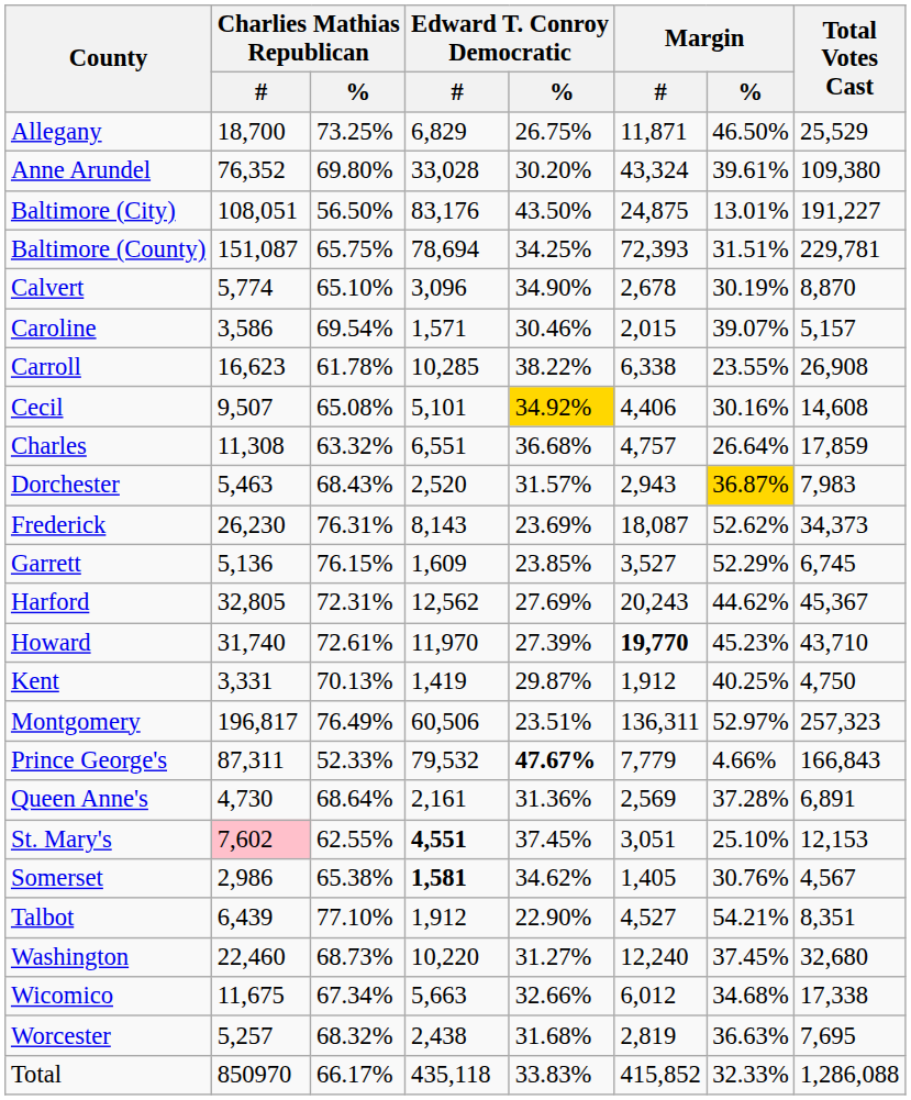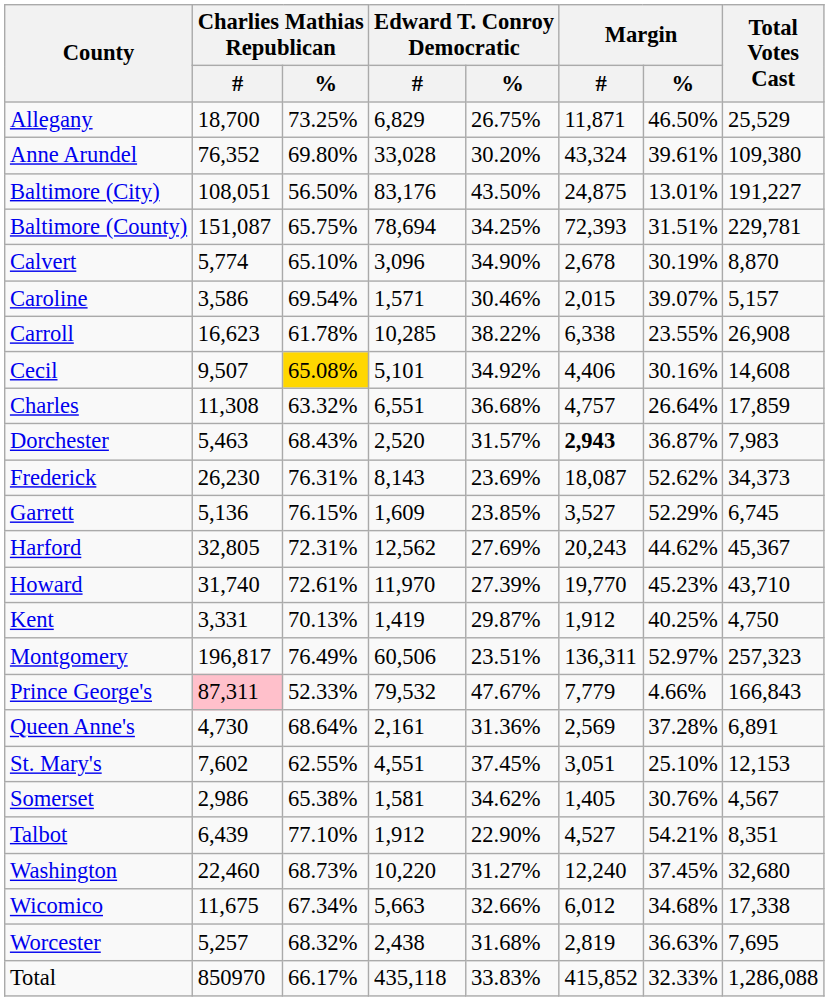 <table class="wikitable sortable">
 <tr>
 <th rowspan="2">County</th>
 <th colspan="2" >Charlies Mathias<br>Republican</th>
 <th colspan="2" >Edward T. Conroy<br>Democratic</th>
 <th colspan="2">Margin</th>
 <th rowspan="2">Total<br>Votes<br>Cast</th>
 </tr>
 <tr>
 <th>#</th>
 <th>%</th>
 <th>#</th>
 <th>%</th>
 <th>#</th>
 <th>%</th>
 </tr>
 <tr>
 <td><a href='#'>Allegany</a></td>
 <td>18,700</td>
 <td>73.25%</td>
 <td>6,829</td>
 <td>26.75%</td>
 <td>11,871</td>
 <td>46.50%</td>
 <td>25,529</td>
 </tr>
 <tr>
 <td><a href='#'>Anne Arundel</a></td>
 <td>76,352</td>
 <td>69.80%</td>
 <td>33,028</td>
 <td>30.20%</td>
 <td>43,324</td>
 <td>39.61%</td>
 <td>109,380</td>
 </tr>
 <tr>
 <td><a href='#'>Baltimore (City)</a></td>
 <td>108,051</td>
 <td>56.50%</td>
 <td>83,176</td>
 <td>43.50%</td>
 <td>24,875</td>
 <td>13.01%</td>
 <td>191,227</td>
 </tr>
 <tr>
 <td><a href='#'>Baltimore (County)</a></td>
 <td>151,087</td>
 <td>65.75%</td>
 <td>78,694</td>
 <td>34.25%</td>
 <td>72,393</td>
 <td>31.51%</td>
 <td>229,781</td>
 </tr>
 <tr>
 <td><a href='#'>Calvert</a></td>
 <td>5,774</td>
 <td>65.10%</td>
 <td>3,096</td>
 <td>34.90%</td>
 <td>2,678</td>
 <td>30.19%</td>
 <td>8,870</td>
 </tr>
 <tr>
 <td><a href='#'>Caroline</a></td>
 <td>3,586</td>
 <td>69.54%</td>
 <td>1,571</td>
 <td>30.46%</td>
 <td>2,015</td>
 <td>39.07%</td>
 <td>5,157</td>
 </tr>
 <tr>
 <td><a href='#'>Carroll</a></td>
 <td>16,623</td>
 <td>61.78%</td>
 <td>10,285</td>
 <td>38.22%</td>
 <td>6,338</td>
 <td>23.55%</td>
 <td>26,908</td>
 </tr>
 <tr>
 <td><a href='#'>Cecil</a></td>
 <td>9,507</td>
-<td>65.08%</td>
+<td style="background: gold;">65.08%</td>
 <td>5,101</td>
-<td style="background: gold;">34.92%</td>
+<td>34.92%</td>
 <td>4,406</td>
 <td>30.16%</td>
 <td>14,608</td>
 </tr>
 <tr>
 <td><a href='#'>Charles</a></td>
 <td>11,308</td>
 <td>63.32%</td>
 <td>6,551</td>
 <td>36.68%</td>
 <td>4,757</td>
 <td>26.64%</td>
 <td>17,859</td>
 </tr>
 <tr>
 <td><a href='#'>Dorchester</a></td>
 <td>5,463</td>
 <td>68.43%</td>
 <td>2,520</td>
 <td>31.57%</td>
-<td>2,943</td>
-<td style="background: gold;">36.87%</td>
+<td><strong>2,943</strong></td>
+<td>36.87%</td>
 <td>7,983</td>
 </tr>
 <tr>
 <td><a href='#'>Frederick</a></td>
 <td>26,230</td>
 <td>76.31%</td>
 <td>8,143</td>
 <td>23.69%</td>
 <td>18,087</td>
 <td>52.62%</td>
 <td>34,373</td>
 </tr>
 <tr>
 <td><a href='#'>Garrett</a></td>
 <td>5,136</td>
 <td>76.15%</td>
 <td>1,609</td>
 <td>23.85%</td>
 <td>3,527</td>
 <td>52.29%</td>
 <td>6,745</td>
 </tr>
 <tr>
 <td><a href='#'>Harford</a></td>
 <td>32,805</td>
 <td>72.31%</td>
 <td>12,562</td>
 <td>27.69%</td>
 <td>20,243</td>
 <td>44.62%</td>
 <td>45,367</td>
 </tr>
 <tr>
 <td><a href='#'>Howard</a></td>
 <td>31,740</td>
 <td>72.61%</td>
 <td>11,970</td>
 <td>27.39%</td>
-<td><strong>19,770</strong></td>
+<td>19,770</td>
 <td>45.23%</td>
 <td>43,710</td>
 </tr>
 <tr>
 <td><a href='#'>Kent</a></td>
 <td>3,331</td>
 <td>70.13%</td>
 <td>1,419</td>
 <td>29.87%</td>
 <td>1,912</td>
 <td>40.25%</td>
 <td>4,750</td>
 </tr>
 <tr>
 <td><a href='#'>Montgomery</a></td>
 <td>196,817</td>
 <td>76.49%</td>
 <td>60,506</td>
 <td>23.51%</td>
 <td>136,311</td>
 <td>52.97%</td>
 <td>257,323</td>
 </tr>
 <tr>
 <td><a href='#'>Prince George's</a></td>
-<td>87,311</td>
+<td style="background: pink;">87,311</td>
 <td>52.33%</td>
 <td>79,532</td>
-<td><strong>47.67%</strong></td>
+<td>47.67%</td>
 <td>7,779</td>
 <td>4.66%</td>
 <td>166,843</td>
 </tr>
 <tr>
 <td><a href='#'>Queen Anne's</a></td>
 <td>4,730</td>
 <td>68.64%</td>
 <td>2,161</td>
 <td>31.36%</td>
 <td>2,569</td>
 <td>37.28%</td>
 <td>6,891</td>
 </tr>
 <tr>
 <td><a href='#'>St. Mary's</a></td>
-<td style="background: pink;">7,602</td>
+<td>7,602</td>
 <td>62.55%</td>
-<td><strong>4,551</strong></td>
+<td>4,551</td>
 <td>37.45%</td>
 <td>3,051</td>
 <td>25.10%</td>
 <td>12,153</td>
 </tr>
 <tr>
 <td><a href='#'>Somerset</a></td>
 <td>2,986</td>
 <td>65.38%</td>
-<td><strong>1,581</strong></td>
+<td>1,581</td>
 <td>34.62%</td>
 <td>1,405</td>
 <td>30.76%</td>
 <td>4,567</td>
 </tr>
 <tr>
 <td><a href='#'>Talbot</a></td>
 <td>6,439</td>
 <td>77.10%</td>
 <td>1,912</td>
 <td>22.90%</td>
 <td>4,527</td>
 <td>54.21%</td>
 <td>8,351</td>
 </tr>
 <tr>
 <td><a href='#'>Washington</a></td>
 <td>22,460</td>
 <td>68.73%</td>
 <td>10,220</td>
 <td>31.27%</td>
 <td>12,240</td>
 <td>37.45%</td>
 <td>32,680</td>
 </tr>
 <tr>
 <td><a href='#'>Wicomico</a></td>
 <td>11,675</td>
 <td>67.34%</td>
 <td>5,663</td>
 <td>32.66%</td>
 <td>6,012</td>
 <td>34.68%</td>
 <td>17,338</td>
 </tr>
 <tr>
 <td><a href='#'>Worcester</a></td>
 <td>5,257</td>
 <td>68.32%</td>
 <td>2,438</td>
 <td>31.68%</td>
 <td>2,819</td>
 <td>36.63%</td>
 <td>7,695</td>
 </tr>
 <tr>
 <td>Total</td>
 <td>850970</td>
 <td>66.17%</td>
 <td>435,118</td>
 <td>33.83%</td>
 <td>415,852</td>
 <td>32.33%</td>
 <td>1,286,088</td>
 </tr>
 </table>
